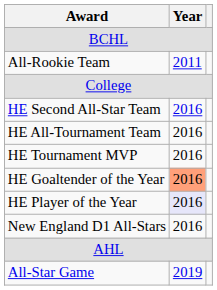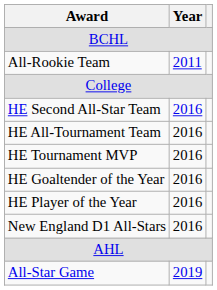 <table class="wikitable">
 <tr>
 <th>Award</th>
 <th>Year</th>
 <th></th>
 </tr>
 <tr ALIGN="center" bgcolor="#e0e0e0">
 <td colspan="3"><a href='#'>BCHL</a></td>
 </tr>
 <tr>
 <td>All-Rookie Team</td>
 <td><a href='#'>2011</a></td>
 <td></td>
 </tr>
 <tr ALIGN="center" bgcolor="#e0e0e0">
 <td colspan="3"><a href='#'>College</a></td>
 </tr>
 <tr>
 <td><a href='#'>HE</a> Second All-Star Team</td>
 <td><a href='#'>2016</a></td>
 <td></td>
 </tr>
 <tr>
 <td>HE All-Tournament Team</td>
 <td>2016</td>
 <td></td>
 </tr>
 <tr>
 <td>HE Tournament MVP</td>
 <td>2016</td>
 <td></td>
 </tr>
 <tr>
 <td>HE Goaltender of the Year</td>
-<td style="background: lightsalmon;">2016</td>
+<td>2016</td>
 <td></td>
 </tr>
 <tr>
 <td>HE Player of the Year</td>
-<td style="background: lavender;">2016</td>
+<td>2016</td>
 <td></td>
 </tr>
 <tr>
 <td>New England D1 All-Stars</td>
 <td>2016</td>
 <td></td>
 </tr>
 <tr ALIGN="center" bgcolor="#e0e0e0">
 <td colspan="3"><a href='#'>AHL</a></td>
 </tr>
 <tr>
 <td><a href='#'>All-Star Game</a></td>
 <td><a href='#'>2019</a></td>
 <td></td>
 </tr>
 </table>
